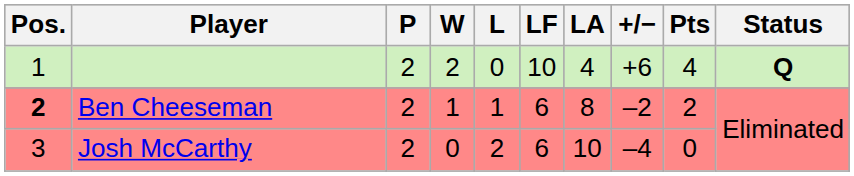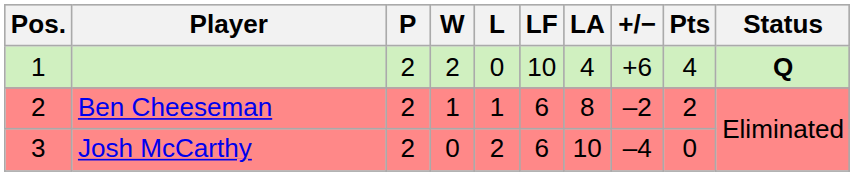 <table class="wikitable" style="text-align:center; margin: 1em auto 1em auto, align:left">
 <tr>
 <th width=20>Pos.</th>
 <th width=185>Player</th>
 <th width=20>P</th>
 <th width=20>W</th>
 <th width=20>L</th>
 <th width=20>LF</th>
 <th width=20>LA</th>
 <th width=25>+/−</th>
 <th width=20>Pts</th>
 <th width=70>Status</th>
 </tr>
 <tr style="background:#D0F0C0;">
 <td>1</td>
 <td align=left></td>
 <td>2</td>
 <td>2</td>
 <td>0</td>
 <td>10</td>
 <td>4</td>
 <td>+6</td>
 <td>4</td>
 <td><strong>Q</strong></td>
 </tr>
 <tr style="background:#FF8888;">
-<td><strong>2</strong></td>
+<td>2</td>
 <td align=left> <a href='#'>Ben Cheeseman</a></td>
 <td>2</td>
 <td>1</td>
 <td>1</td>
 <td>6</td>
 <td>8</td>
 <td>–2</td>
 <td>2</td>
 <td rowspan=2>Eliminated</td>
 </tr>
 <tr style="background:#FF8888;">
 <td>3</td>
 <td align=left> <a href='#'>Josh McCarthy</a></td>
 <td>2</td>
 <td>0</td>
 <td>2</td>
 <td>6</td>
 <td>10</td>
 <td>–4</td>
 <td>0</td>
 </tr>
 </table>
